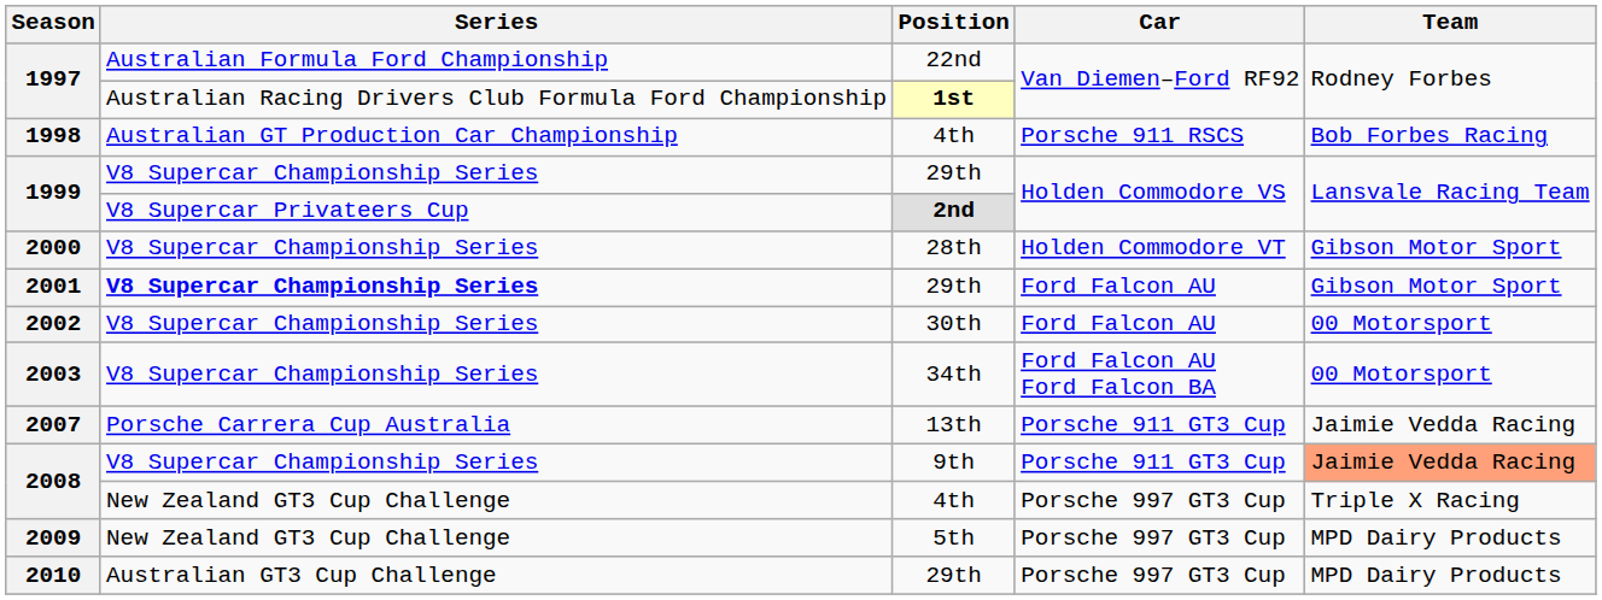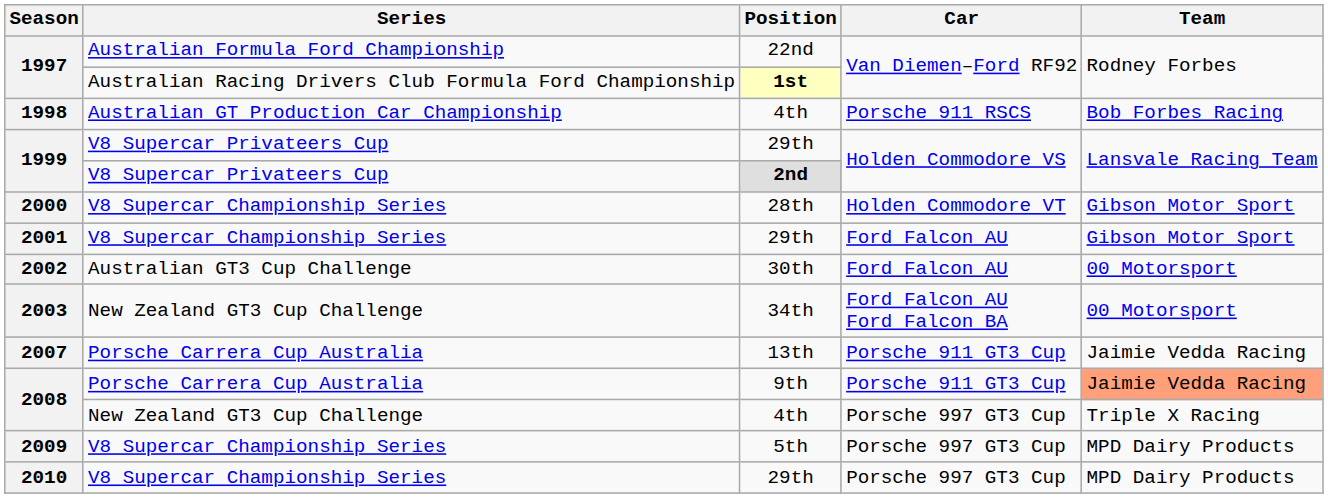 <table class="wikitable" style="font-size: 95%;">
 <tr>
 <th>Season</th>
 <th>Series</th>
 <th>Position</th>
 <th>Car</th>
 <th>Team</th>
 </tr>
 <tr>
 <th rowspan=2>1997</th>
 <td><a href='#'>Australian Formula Ford Championship</a></td>
 <td align="center">22nd</td>
 <td rowspan=2><a href='#'>Van Diemen</a>–<a href='#'>Ford</a> RF92</td>
 <td rowspan=2>Rodney Forbes</td>
 </tr>
 <tr>
 <td>Australian Racing Drivers Club Formula Ford Championship</td>
 <td align="center" style="background: #ffffbf"><strong>1st</strong></td>
 </tr>
 <tr>
 <th>1998</th>
 <td><a href='#'>Australian GT Production Car Championship</a></td>
 <td align="center">4th</td>
 <td><a href='#'>Porsche 911 RSCS</a></td>
 <td><a href='#'>Bob Forbes Racing</a></td>
 </tr>
 <tr>
 <th rowspan=2>1999</th>
-<td><a href='#'>V8 Supercar Championship Series</a></td>
+<td><a href='#'>V8 Supercar Privateers Cup</a></td>
 <td align="center">29th</td>
 <td rowspan=2><a href='#'>Holden Commodore VS</a></td>
 <td rowspan=2><a href='#'>Lansvale Racing Team</a></td>
 </tr>
 <tr>
 <td><a href='#'>V8 Supercar Privateers Cup</a></td>
 <td align="center" style="background: #dfdfdf"><strong>2nd</strong></td>
 </tr>
 <tr>
 <th>2000</th>
 <td><a href='#'>V8 Supercar Championship Series</a></td>
 <td align="center">28th</td>
 <td><a href='#'>Holden Commodore VT</a></td>
 <td><a href='#'>Gibson Motor Sport</a></td>
 </tr>
 <tr>
 <th>2001</th>
-<td><strong><a href='#'>V8 Supercar Championship Series</a></strong></td>
+<td><a href='#'>V8 Supercar Championship Series</a></td>
 <td align="center">29th</td>
 <td><a href='#'>Ford Falcon AU</a></td>
 <td><a href='#'>Gibson Motor Sport</a></td>
 </tr>
 <tr>
 <th>2002</th>
-<td><a href='#'>V8 Supercar Championship Series</a></td>
+<td>Australian GT3 Cup Challenge</td>
 <td align="center">30th</td>
 <td><a href='#'>Ford Falcon AU</a></td>
 <td><a href='#'>00 Motorsport</a></td>
 </tr>
 <tr>
 <th>2003</th>
-<td><a href='#'>V8 Supercar Championship Series</a></td>
+<td>New Zealand GT3 Cup Challenge</td>
 <td align="center">34th</td>
 <td><a href='#'>Ford Falcon AU</a><br><a href='#'>Ford Falcon BA</a></td>
 <td><a href='#'>00 Motorsport</a></td>
 </tr>
 <tr>
 <th>2007</th>
 <td><a href='#'>Porsche Carrera Cup Australia</a></td>
 <td align="center">13th</td>
 <td><a href='#'>Porsche 911 GT3 Cup</a></td>
 <td>Jaimie Vedda Racing</td>
 </tr>
 <tr>
 <th rowspan=2>2008</th>
-<td><a href='#'>V8 Supercar Championship Series</a></td>
+<td><a href='#'>Porsche Carrera Cup Australia</a></td>
 <td align="center">9th</td>
 <td><a href='#'>Porsche 911 GT3 Cup</a></td>
 <td style="background: lightsalmon;">Jaimie Vedda Racing</td>
 </tr>
 <tr>
 <td>New Zealand GT3 Cup Challenge</td>
 <td align="center">4th</td>
 <td>Porsche 997 GT3 Cup</td>
 <td>Triple X Racing</td>
 </tr>
 <tr>
 <th>2009</th>
-<td>New Zealand GT3 Cup Challenge</td>
+<td><a href='#'>V8 Supercar Championship Series</a></td>
 <td align="center">5th</td>
 <td>Porsche 997 GT3 Cup</td>
 <td>MPD Dairy Products</td>
 </tr>
 <tr>
 <th>2010</th>
-<td>Australian GT3 Cup Challenge</td>
+<td><a href='#'>V8 Supercar Championship Series</a></td>
 <td align="center">29th</td>
 <td>Porsche 997 GT3 Cup</td>
 <td>MPD Dairy Products</td>
 </tr>
 </table>
